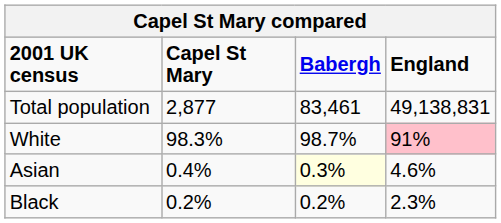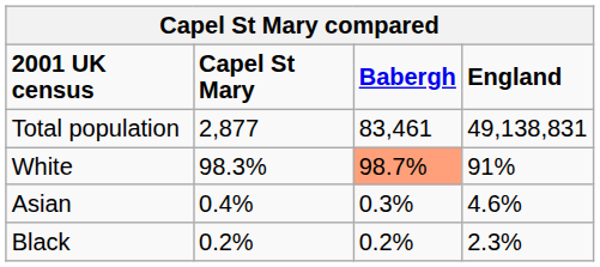 <table class="wikitable" style="float: right; margin-left: 2em; width: 40%; font-size: 90%;" cellspacing="3">
 <tr>
 <th colspan="4"><strong>Capel St Mary compared</strong></th>
 </tr>
 <tr>
 <td><strong>2001 UK census</strong></td>
 <td><strong>Capel St Mary</strong></td>
 <td><strong><a href='#'>Babergh</a></strong></td>
 <td><strong>England</strong></td>
 </tr>
 <tr>
 <td>Total population</td>
 <td>2,877</td>
 <td>83,461</td>
 <td>49,138,831</td>
 </tr>
 <tr>
 <td>White</td>
 <td>98.3%</td>
-<td>98.7%</td>
-<td style="background: pink;">91%</td>
+<td style="background: lightsalmon;">98.7%</td>
+<td>91%</td>
 </tr>
 <tr>
 <td>Asian</td>
 <td>0.4%</td>
-<td style="background: lightyellow;">0.3%</td>
+<td>0.3%</td>
 <td>4.6%</td>
 </tr>
 <tr>
 <td>Black</td>
 <td>0.2%</td>
 <td>0.2%</td>
 <td>2.3%</td>
 </tr>
 </table>
